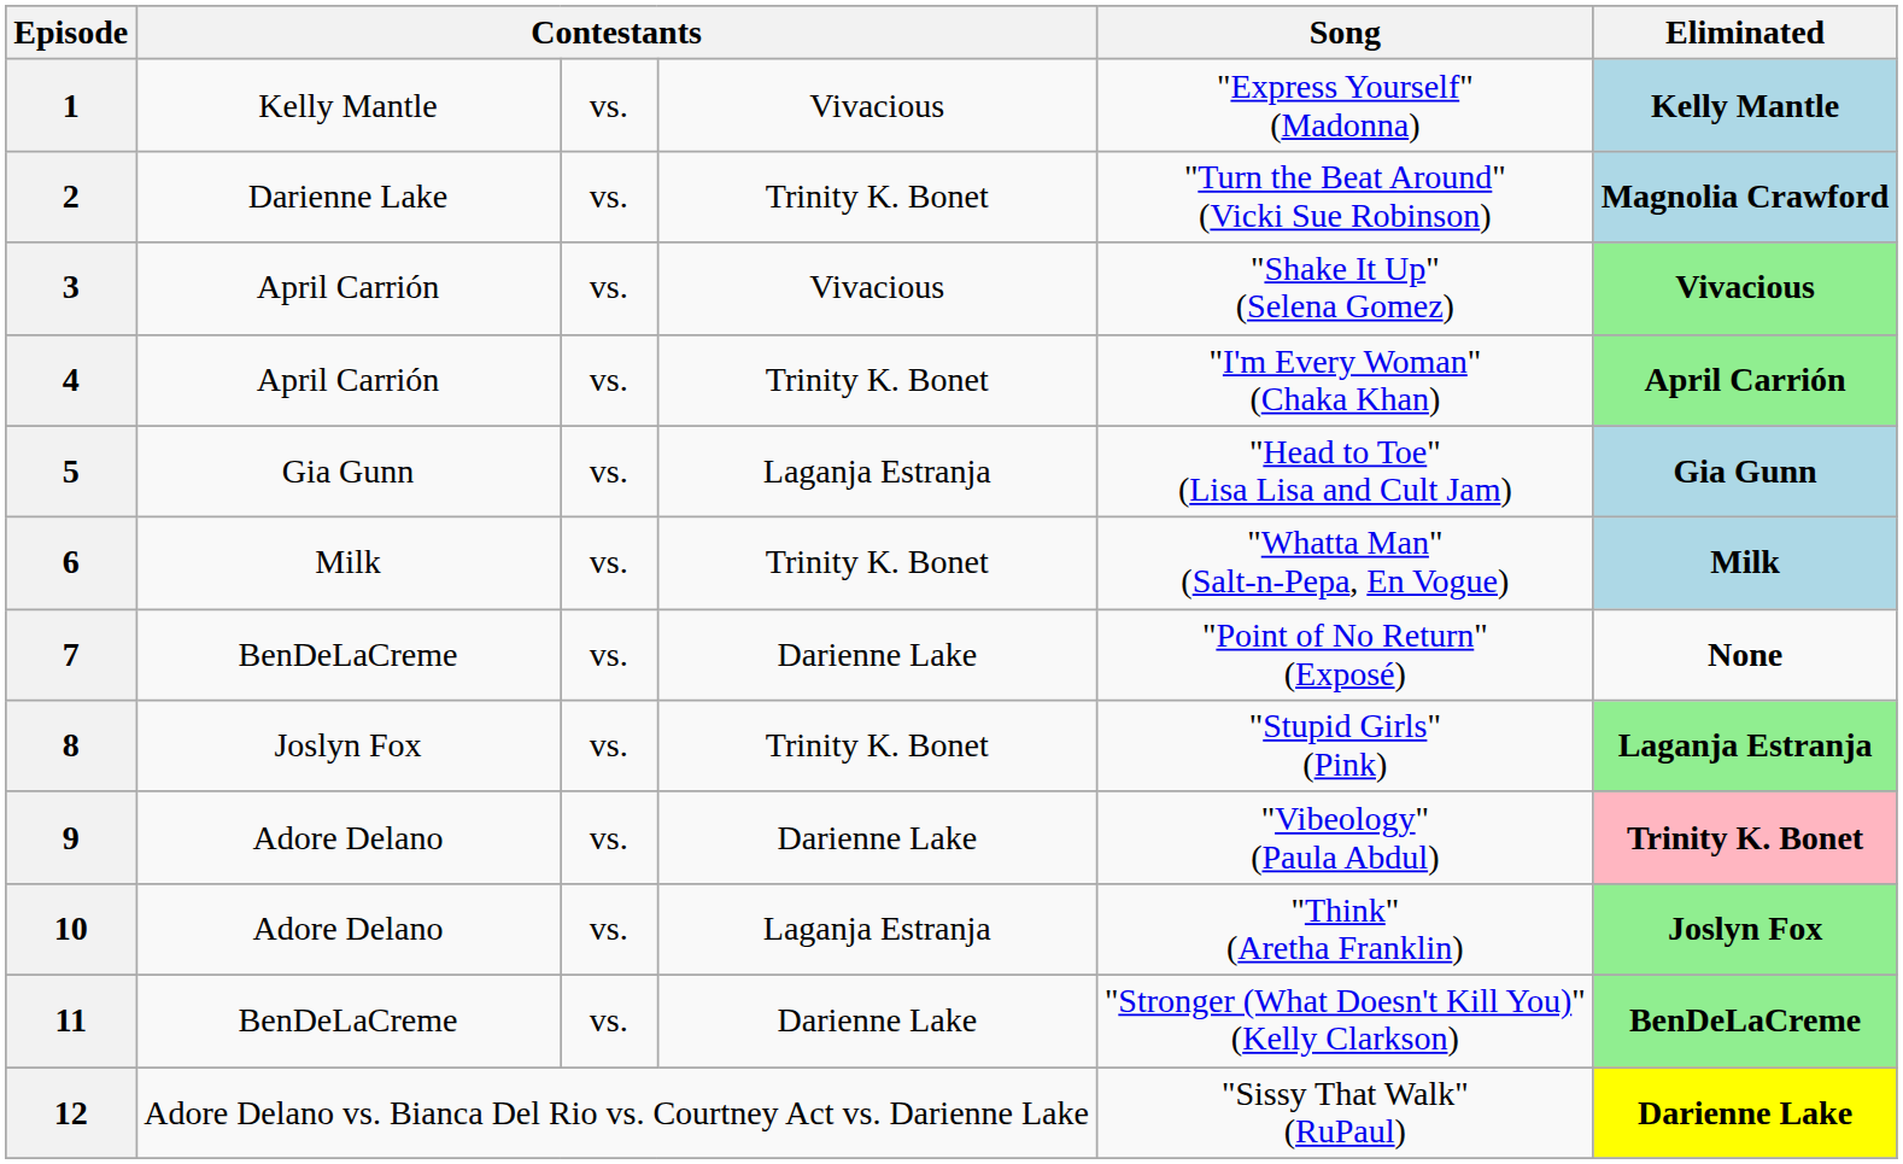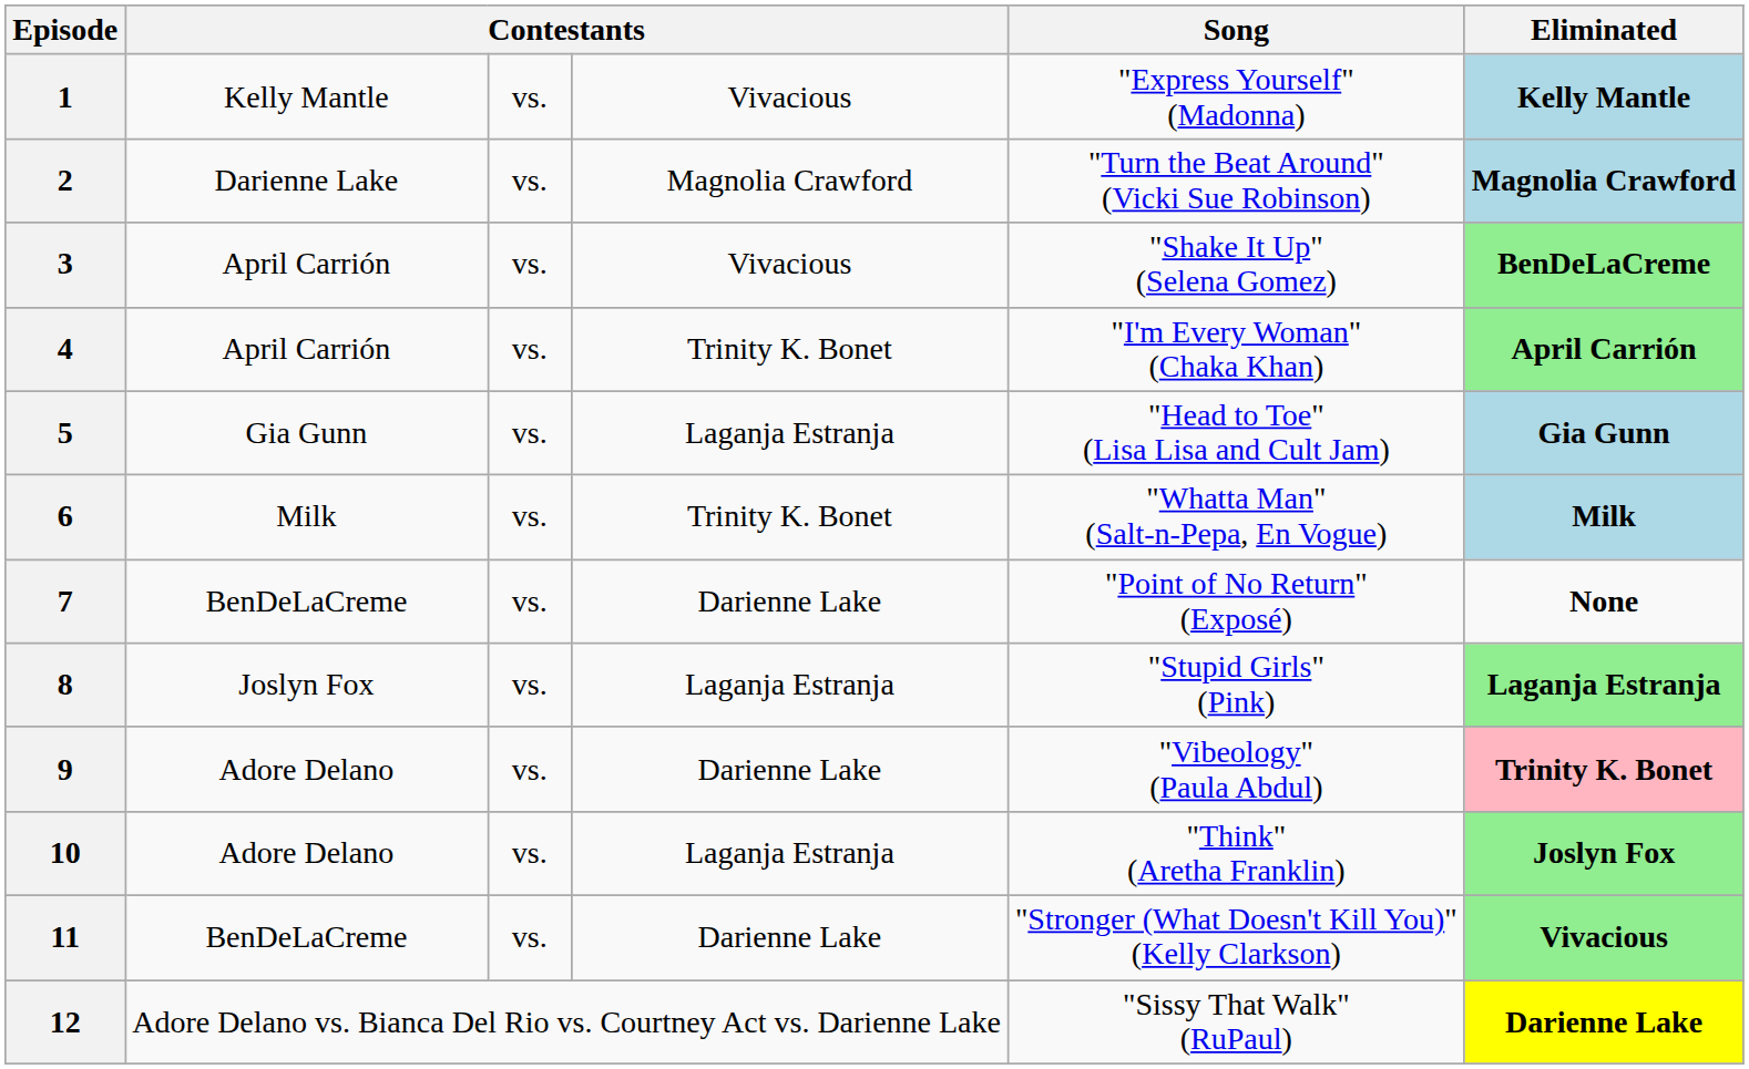 <table class="wikitable" style="text-align:center">
 <tr>
 <th scope="col">Episode</th>
 <th scope="col" colspan="3">Contestants</th>
 <th scope="col">Song</th>
 <th scope="col">Eliminated</th>
 </tr>
 <tr>
 <th scope="row">1</th>
 <td>Kelly Mantle</td>
 <td>vs.</td>
 <td>Vivacious</td>
 <td>"<a href='#'>Express Yourself</a>"<br>(<a href='#'>Madonna</a>)</td>
 <td bgcolor="lightblue"><strong>Kelly Mantle</strong></td>
 </tr>
 <tr>
 <th scope="row">2</th>
 <td>Darienne Lake</td>
 <td>vs.</td>
-<td>Trinity K. Bonet</td>
+<td nowrap>Magnolia Crawford</td>
 <td>"<a href='#'>Turn the Beat Around</a>"<br>(<a href='#'>Vicki Sue Robinson</a>)</td>
 <td nowrap bgcolor="lightblue"><strong>Magnolia Crawford</strong></td>
 </tr>
 <tr>
 <th scope="row">3</th>
 <td>April Carrión</td>
 <td>vs.</td>
 <td>Vivacious</td>
 <td>"<a href='#'>Shake It Up</a>"<br>(<a href='#'>Selena Gomez</a>)</td>
-<td bgcolor="lightgreen"><strong>Vivacious</strong></td>
+<td bgcolor="lightgreen"><strong>BenDeLaCreme</strong></td>
 </tr>
 <tr>
 <th scope="row">4</th>
 <td>April Carrión</td>
 <td>vs.</td>
 <td>Trinity K. Bonet</td>
 <td>"<a href='#'>I'm Every Woman</a>"<br>(<a href='#'>Chaka Khan</a>)</td>
 <td bgcolor="lightgreen"><strong>April Carrión</strong></td>
 </tr>
 <tr>
 <th scope="row">5</th>
 <td>Gia Gunn</td>
 <td>vs.</td>
 <td>Laganja Estranja</td>
 <td>"<a href='#'>Head to Toe</a>"<br>(<a href='#'>Lisa Lisa and Cult Jam</a>)</td>
 <td bgcolor="lightblue"><strong>Gia Gunn</strong></td>
 </tr>
 <tr>
 <th scope="row">6</th>
 <td>Milk</td>
 <td>vs.</td>
 <td>Trinity K. Bonet</td>
 <td>"<a href='#'>Whatta Man</a>"<br>(<a href='#'>Salt-n-Pepa</a>, <a href='#'>En Vogue</a>)</td>
 <td bgcolor="lightblue"><strong>Milk</strong></td>
 </tr>
 <tr>
 <th scope="row">7</th>
 <td>BenDeLaCreme</td>
 <td>vs.</td>
 <td>Darienne Lake</td>
 <td>"<a href='#'>Point of No Return</a>"<br>(<a href='#'>Exposé</a>)</td>
 <td><strong>None</strong></td>
 </tr>
 <tr>
 <th scope="row">8</th>
 <td>Joslyn Fox</td>
 <td>vs.</td>
-<td>Trinity K. Bonet</td>
+<td>Laganja Estranja</td>
 <td>"<a href='#'>Stupid Girls</a>"<br>(<a href='#'>Pink</a>)</td>
 <td bgcolor="lightgreen"><strong>Laganja Estranja</strong></td>
 </tr>
 <tr>
 <th scope="row">9</th>
 <td>Adore Delano</td>
 <td>vs.</td>
 <td>Darienne Lake</td>
 <td>"<a href='#'>Vibeology</a>"<br>(<a href='#'>Paula Abdul</a>)</td>
 <td bgcolor="lightpink"><strong>Trinity K. Bonet</strong></td>
 </tr>
 <tr>
 <th scope="row">10</th>
 <td>Adore Delano</td>
 <td>vs.</td>
 <td>Laganja Estranja</td>
 <td>"<a href='#'>Think</a>"<br>(<a href='#'>Aretha Franklin</a>)</td>
 <td bgcolor="lightgreen"><strong>Joslyn Fox</strong></td>
 </tr>
 <tr>
 <th scope="row">11</th>
 <td>BenDeLaCreme</td>
 <td>vs.</td>
 <td>Darienne Lake</td>
 <td nowrap>"<a href='#'>Stronger (What Doesn't Kill You)</a>"<br>(<a href='#'>Kelly Clarkson</a>)</td>
-<td bgcolor="lightgreen"><strong>BenDeLaCreme</strong></td>
+<td bgcolor="lightgreen"><strong>Vivacious</strong></td>
 </tr>
 <tr>
 <th scope="row">12</th>
 <td colspan="3">Adore Delano vs. Bianca Del Rio vs. Courtney Act vs. Darienne Lake</td>
 <td>"Sissy That Walk"<br>(<a href='#'>RuPaul</a>)</td>
 <td bgcolor="yellow"><strong>Darienne Lake</strong></td>
 </tr>
 <tr>
 </tr>
 </table>
